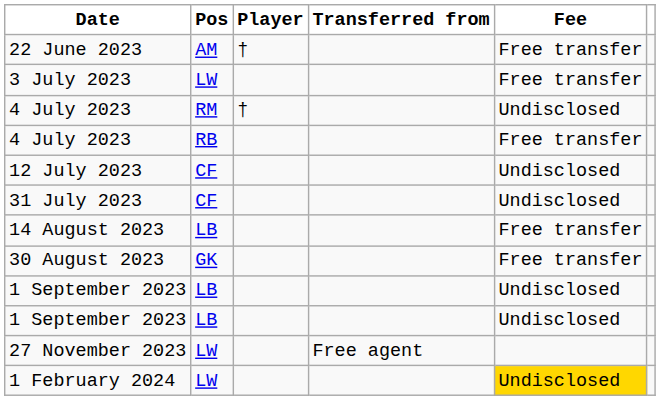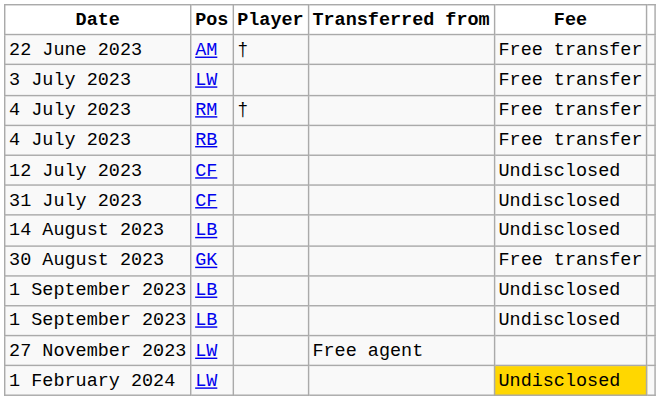 <table class="wikitable plainrowheaders sortable">
 <tr>
 <th style="background-color: white; color:black; ">Date</th>
 <th style="background-color: white; color:black; ">Pos</th>
 <th style="background-color: white; color:black; ">Player</th>
 <th style="background-color: white; color:black; ">Transferred from</th>
 <th style="background-color: white; color:black; ">Fee</th>
 <th style="background-color: white; color:black; "></th>
 </tr>
 <tr>
 <td>22 June 2023</td>
 <td><a href='#'>AM</a></td>
 <td> †</td>
 <td></td>
 <td>Free transfer</td>
 <td></td>
 </tr>
 <tr>
 <td>3 July 2023</td>
 <td><a href='#'>LW</a></td>
 <td></td>
 <td></td>
 <td>Free transfer</td>
 <td></td>
 </tr>
 <tr>
 <td>4 July 2023</td>
 <td><a href='#'>RM</a></td>
 <td> †</td>
 <td></td>
-<td>Undisclosed</td>
+<td>Free transfer</td>
 <td></td>
 </tr>
 <tr>
 <td>4 July 2023</td>
 <td><a href='#'>RB</a></td>
 <td></td>
 <td></td>
 <td>Free transfer</td>
 <td></td>
 </tr>
 <tr>
 <td>12 July 2023</td>
 <td><a href='#'>CF</a></td>
 <td></td>
 <td></td>
 <td>Undisclosed</td>
 <td></td>
 </tr>
 <tr>
 <td>31 July 2023</td>
 <td><a href='#'>CF</a></td>
 <td></td>
 <td></td>
 <td>Undisclosed</td>
 <td></td>
 </tr>
 <tr>
 <td>14 August 2023</td>
 <td><a href='#'>LB</a></td>
 <td></td>
 <td></td>
-<td>Free transfer</td>
+<td>Undisclosed</td>
 <td></td>
 </tr>
 <tr>
 <td>30 August 2023</td>
 <td><a href='#'>GK</a></td>
 <td></td>
 <td></td>
 <td>Free transfer</td>
 <td></td>
 </tr>
 <tr>
 <td>1 September 2023</td>
 <td><a href='#'>LB</a></td>
 <td></td>
 <td></td>
 <td>Undisclosed</td>
 <td></td>
 </tr>
 <tr>
 <td>1 September 2023</td>
 <td><a href='#'>LB</a></td>
 <td></td>
 <td></td>
 <td>Undisclosed</td>
 <td></td>
 </tr>
 <tr>
 <td>27 November 2023</td>
 <td><a href='#'>LW</a></td>
 <td></td>
 <td>Free agent</td>
 <td></td>
 <td></td>
 </tr>
 <tr>
 <td>1 February 2024</td>
 <td><a href='#'>LW</a></td>
 <td></td>
 <td></td>
 <td style="background: gold;">Undisclosed</td>
 <td></td>
 </tr>
 </table>
